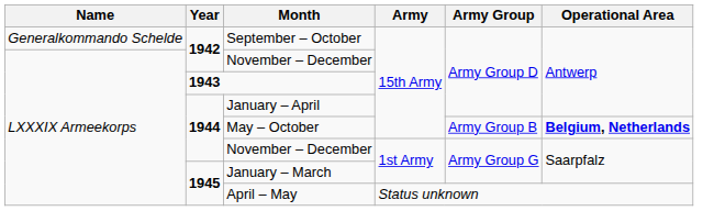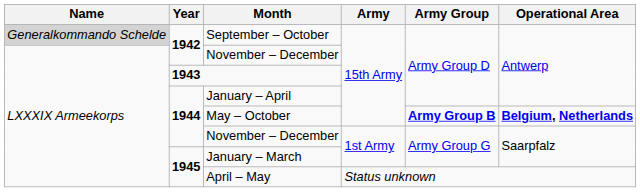 <table class="wikitable">
 <tr>
 <th>Name</th>
 <th>Year</th>
 <th>Month</th>
 <th>Army</th>
 <th>Army Group</th>
 <th>Operational Area</th>
 </tr>
 <tr>
-<td><em>Generalkommando Schelde</em></td>
+<td style="background: lightgrey;"><em>Generalkommando Schelde</em></td>
 <td rowspan="2"><strong>1942</strong></td>
 <td>September – October</td>
 <td rowspan="5"><a href='#'>15th Army</a></td>
 <td rowspan="4"><a href='#'>Army Group D</a></td>
 <td rowspan="4"><a href='#'>Antwerp</a></td>
 </tr>
 <tr>
 <td rowspan="7"><em>LXXXIX Armeekorps</em></td>
 <td>November – December</td>
 </tr>
 <tr>
 <td colspan="2"><strong>1943</strong></td>
 </tr>
 <tr>
 <td rowspan="3"><strong>1944</strong></td>
 <td>January – April</td>
 </tr>
 <tr>
 <td>May – October</td>
-<td><a href='#'>Army Group B</a></td>
+<td><strong><a href='#'>Army Group B</a></strong></td>
 <td><strong><a href='#'>Belgium</a>, <a href='#'>Netherlands</a></strong></td>
 </tr>
 <tr>
 <td>November – December</td>
 <td rowspan="2"><a href='#'>1st Army</a></td>
 <td rowspan="2"><a href='#'>Army Group G</a></td>
 <td rowspan="2">Saarpfalz</td>
 </tr>
 <tr>
 <td rowspan="2"><strong>1945</strong></td>
 <td>January – March</td>
 </tr>
 <tr>
 <td>April – May</td>
 <td colspan="3"><em>Status unknown</em></td>
 </tr>
 </table>
